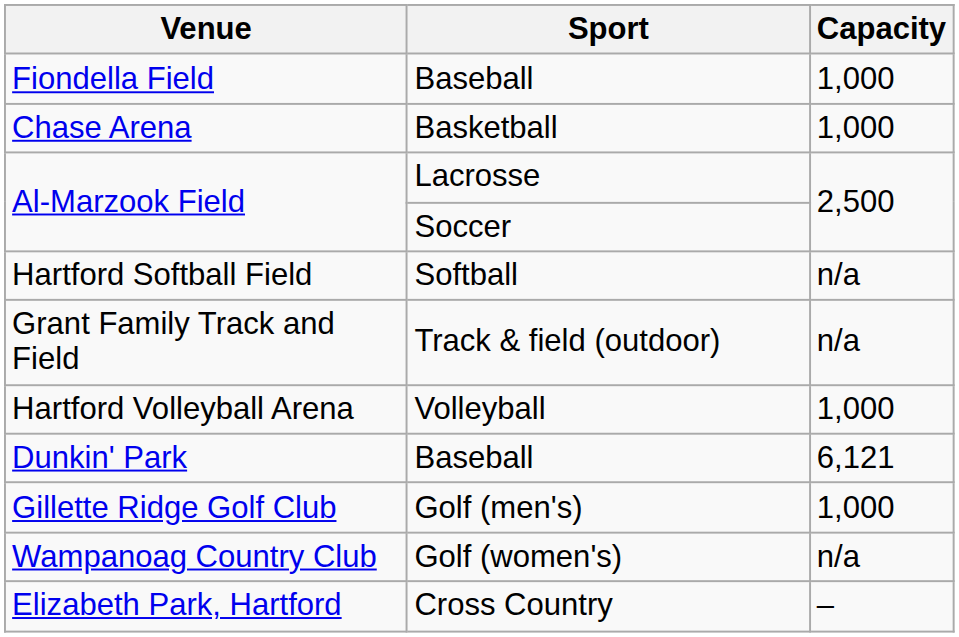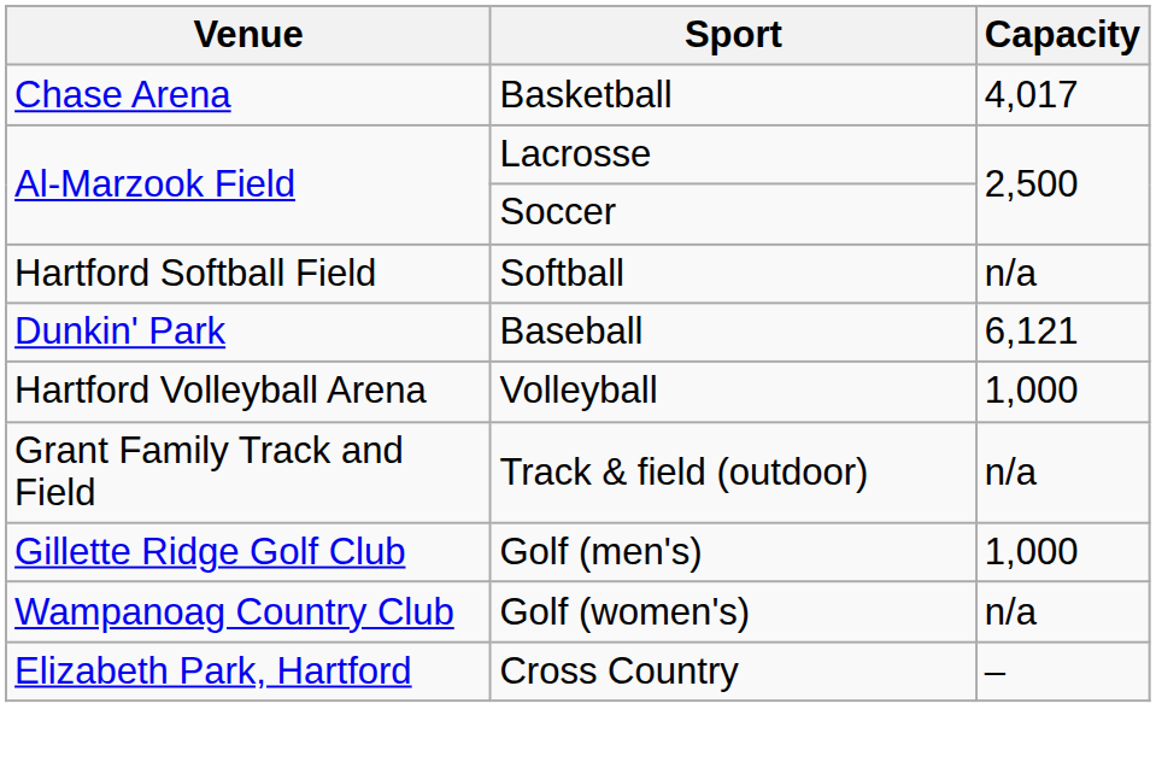 <table class="wikitable sortable"; style= "text-align: ">
 <tr>
 <th width=200px>Venue</th>
 <th width=200px>Sport</th>
 <th width=px>Capacity</th>
 </tr>
 <tr>
-<td><a href='#'>Fiondella Field</a></td>
-<td>Baseball</td>
-<td>1,000</td>
-</tr>
-<tr>
 <td><a href='#'>Chase Arena</a></td>
 <td>Basketball</td>
-<td>1,000</td>
+<td>4,017</td>
 </tr>
 <tr>
 <td rowspan=2><a href='#'>Al-Marzook Field</a></td>
 <td>Lacrosse</td>
 <td rowspan=2>2,500</td>
 </tr>
 <tr>
 <td>Soccer</td>
 </tr>
 <tr>
 <td>Hartford Softball Field</td>
 <td>Softball</td>
 <td>n/a</td>
 </tr>
 <tr>
-<td>Grant Family Track and Field</td>
-<td>Track & field (outdoor)</td>
-<td>n/a</td>
+<td><a href='#'>Dunkin' Park</a> </td>
+<td>Baseball</td>
+<td>6,121</td>
 </tr>
 <tr>
 <td>Hartford Volleyball Arena</td>
 <td>Volleyball</td>
 <td>1,000</td>
 </tr>
 <tr>
-<td><a href='#'>Dunkin' Park</a> </td>
-<td>Baseball</td>
-<td>6,121</td>
+<td>Grant Family Track and Field</td>
+<td>Track & field (outdoor)</td>
+<td>n/a</td>
 </tr>
 <tr>
 <td><a href='#'>Gillette Ridge Golf Club</a> </td>
 <td>Golf (men's)</td>
 <td>1,000</td>
 </tr>
 <tr>
 <td><a href='#'>Wampanoag Country Club</a> </td>
 <td>Golf (women's)</td>
 <td>n/a</td>
 </tr>
 <tr>
 <td><a href='#'>Elizabeth Park, Hartford</a> </td>
 <td>Cross Country</td>
 <td>–</td>
 </tr>
 </table>
